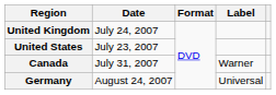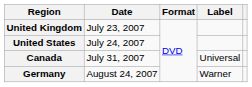 <table class="wikitable plainrowheaders">
 <tr>
 <th scope="col">Region</th>
 <th scope="col">Date</th>
 <th scope="col">Format</th>
 <th scope="col">Label</th>
 <th scope="col"></th>
 </tr>
 <tr>
 <th scope="row">United Kingdom</th>
-<td>July 24, 2007</td>
+<td>July 23, 2007</td>
 <td rowspan="4"><a href='#'>DVD</a></td>
 <td></td>
 <td align="center"></td>
 </tr>
 <tr>
 <th scope="row">United States</th>
-<td>July 23, 2007</td>
+<td>July 24, 2007</td>
 <td></td>
 <td align="center"></td>
 </tr>
 <tr>
 <th scope="row">Canada</th>
 <td>July 31, 2007</td>
-<td>Warner</td>
+<td>Universal</td>
 <td align="center"></td>
 </tr>
 <tr>
 <th scope="row">Germany</th>
 <td>August 24, 2007</td>
-<td>Universal</td>
+<td>Warner</td>
 <td align="center"></td>
 </tr>
 </table>
